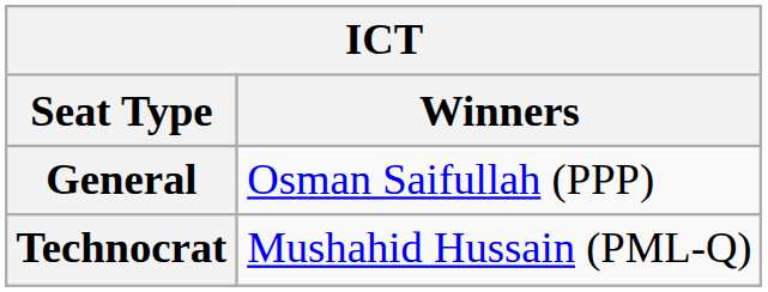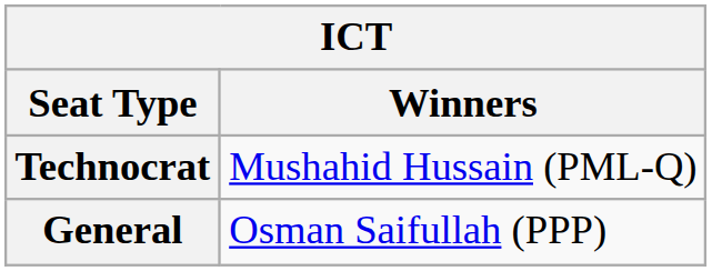 <table class="wikitable">
 <tr>
 <th colspan="2">ICT</th>
 </tr>
 <tr>
 <th>Seat Type</th>
 <th>Winners</th>
 </tr>
 <tr>
+<th>Technocrat</th>
+<td style="background:"><a href='#'>Mushahid Hussain</a> (PML-Q)</td>
+</tr>
+<tr>
 <th>General</th>
 <td style="background:"><a href='#'>Osman Saifullah</a> (PPP)</td>
 </tr>
-<tr>
-<th>Technocrat</th>
-<td style="background:"><a href='#'>Mushahid Hussain</a> (PML-Q)</td>
-</tr>
 </table>
